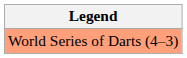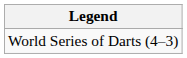 <table class="wikitable">
 <tr>
 <th>Legend</th>
 </tr>
 <tr style="background:#afeeee;">
 </tr>
 <tr>
-<td style="background: lightsalmon;">World Series of Darts (4–3)</td>
+<td>World Series of Darts (4–3)</td>
 </tr>
 </table>
